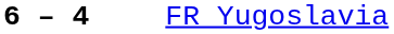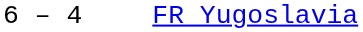 <table style="text-align:center">
 <tr>
 <th width=200></th>
 <th width=100></th>
 <th width=200></th>
 </tr>
 <tr>
 <td align=right><strong></strong></td>
-<td><strong>6 – 4</strong></td>
+<td>6 – 4</td>
 <td align=left> <a href='#'>FR Yugoslavia</a></td>
 </tr>
 </table>
